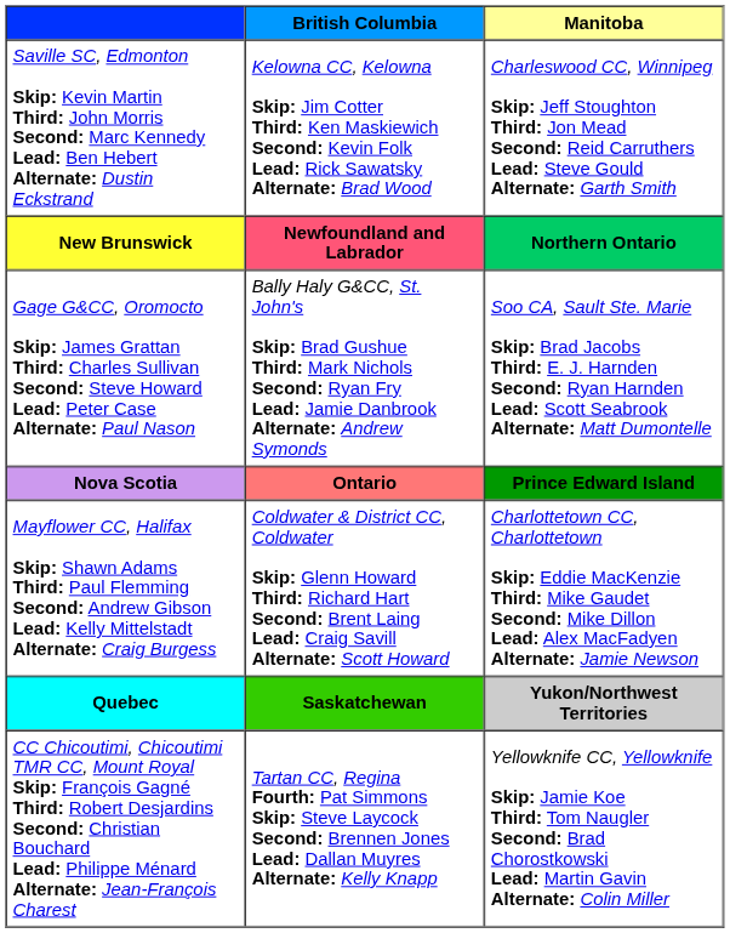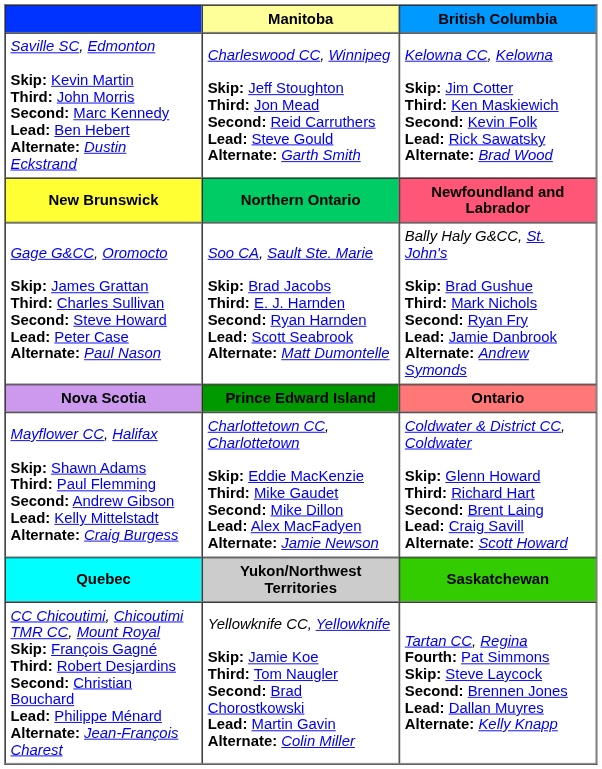 <table border=1 cellpadding=5 cellspacing=0>
 <tr>
 <th style="background:#03f; width:200px;"></th>
+<th style="background:#ff9; width:200px;">Manitoba</th>
 <th style="background:#09f; width:200px;">British Columbia</th>
-<th style="background:#ff9; width:200px;">Manitoba</th>
 </tr>
 <tr align=center>
 <td align=left><em><a href='#'>Saville SC</a>, <a href='#'>Edmonton</a> <br></em><br><strong>Skip:</strong> <a href='#'>Kevin Martin</a> <br> <strong>Third:</strong> <a href='#'>John Morris</a> <br> <strong>Second:</strong> <a href='#'>Marc Kennedy</a> <br> <strong>Lead:</strong> <a href='#'>Ben Hebert</a> <br> <strong>Alternate:</strong> <em><a href='#'>Dustin Eckstrand</a></em></td>
+<td align=left><em><a href='#'>Charleswood CC</a>, <a href='#'>Winnipeg</a></em> <br><br><strong>Skip:</strong> <a href='#'>Jeff Stoughton</a><br> <strong>Third:</strong> <a href='#'>Jon Mead</a><br> <strong>Second:</strong> <a href='#'>Reid Carruthers</a><br> <strong>Lead:</strong> <a href='#'>Steve Gould</a><br> <strong>Alternate:</strong> <em><a href='#'>Garth Smith</a></em></td>
 <td align=left><em><a href='#'>Kelowna CC</a>, <a href='#'>Kelowna</a></em><br><br><strong>Skip:</strong>  <a href='#'>Jim Cotter</a><br> <strong>Third:</strong> <a href='#'>Ken Maskiewich</a><br> <strong>Second:</strong> <a href='#'>Kevin Folk</a><br> <strong>Lead:</strong> <a href='#'>Rick Sawatsky</a><br> <strong>Alternate:</strong>  <em><a href='#'>Brad Wood</a></em></td>
-<td align=left><em><a href='#'>Charleswood CC</a>, <a href='#'>Winnipeg</a></em> <br><br><strong>Skip:</strong> <a href='#'>Jeff Stoughton</a><br> <strong>Third:</strong> <a href='#'>Jon Mead</a><br> <strong>Second:</strong> <a href='#'>Reid Carruthers</a><br> <strong>Lead:</strong> <a href='#'>Steve Gould</a><br> <strong>Alternate:</strong> <em><a href='#'>Garth Smith</a></em></td>
 </tr>
 <tr border=1 cellpadding=5 cellspacing=0>
 <th style="background:#ff3; width:200px;">New Brunswick</th>
+<th style="background:#0c6; width:200px;">Northern Ontario</th>
 <th style="background:#f57; width:200px;">Newfoundland and Labrador</th>
-<th style="background:#0c6; width:200px;">Northern Ontario</th>
 </tr>
 <tr align=center>
 <td align=left><em><a href='#'>Gage G&CC</a>, <a href='#'>Oromocto</a></em> <br><br><strong>Skip:</strong> <a href='#'>James Grattan</a> <br> <strong>Third:</strong> <a href='#'>Charles Sullivan</a> <br> <strong>Second:</strong>  <a href='#'>Steve Howard</a> <br>  <strong>Lead:</strong> <a href='#'>Peter Case</a> <br> <strong>Alternate:</strong> <em><a href='#'>Paul Nason</a></em></td>
+<td align=left><em><a href='#'>Soo CA</a>, <a href='#'>Sault Ste. Marie</a><br></em><br><strong>Skip:</strong> <a href='#'>Brad Jacobs</a><br> <strong>Third:</strong> <a href='#'>E. J. Harnden</a><br> <strong>Second:</strong> <a href='#'>Ryan Harnden</a><br> <strong>Lead:</strong> <a href='#'>Scott Seabrook</a><br> <strong>Alternate:</strong>  <em><a href='#'>Matt Dumontelle</a></em></td>
 <td align=left><em>Bally Haly G&CC, <a href='#'>St. John's</a></em> <br><br><strong>Skip:</strong> <a href='#'>Brad Gushue</a> <br> <strong>Third:</strong> <a href='#'>Mark Nichols</a> <br> <strong>Second:</strong> <a href='#'>Ryan Fry</a> <br> <strong>Lead:</strong> <a href='#'>Jamie Danbrook</a> <br> <strong>Alternate:</strong> <em><a href='#'>Andrew Symonds</a></em></td>
-<td align=left><em><a href='#'>Soo CA</a>, <a href='#'>Sault Ste. Marie</a><br></em><br><strong>Skip:</strong> <a href='#'>Brad Jacobs</a><br> <strong>Third:</strong> <a href='#'>E. J. Harnden</a><br> <strong>Second:</strong> <a href='#'>Ryan Harnden</a><br> <strong>Lead:</strong> <a href='#'>Scott Seabrook</a><br> <strong>Alternate:</strong>  <em><a href='#'>Matt Dumontelle</a></em></td>
 </tr>
 <tr border=1 cellpadding=5 cellspacing=0>
 <th style="background:#c9e; width:200px;">Nova Scotia</th>
+<th style="background:#090; width:200px;">Prince Edward Island</th>
 <th style="background:#f77; width:200px;">Ontario</th>
-<th style="background:#090; width:200px;">Prince Edward Island</th>
 </tr>
 <tr align=center>
 <td align=left><em><a href='#'>Mayflower CC</a>, <a href='#'>Halifax</a></em><br><br><strong>Skip:</strong>  <a href='#'>Shawn Adams</a><br> <strong>Third:</strong> <a href='#'>Paul Flemming</a><br> <strong>Second:</strong> <a href='#'>Andrew Gibson</a><br> <strong>Lead:</strong> <a href='#'>Kelly Mittelstadt</a><br> <strong>Alternate:</strong> <em><a href='#'>Craig Burgess</a></em></td>
+<td align=left><em><a href='#'>Charlottetown CC</a>, <a href='#'>Charlottetown</a></em><br><br><strong>Skip:</strong> <a href='#'>Eddie MacKenzie</a> <br> <strong>Third:</strong> <a href='#'>Mike Gaudet</a> <br> <strong>Second:</strong> <a href='#'>Mike Dillon</a> <br> <strong>Lead:</strong> <a href='#'>Alex MacFadyen</a> <br> <strong>Alternate:</strong> <em><a href='#'>Jamie Newson</a></em></td>
 <td align=left><em><a href='#'>Coldwater & District CC</a>, <a href='#'>Coldwater</a></em> <br><br><strong>Skip:</strong> <a href='#'>Glenn Howard</a> <br> <strong>Third:</strong> <a href='#'>Richard Hart</a> <br> <strong>Second:</strong> <a href='#'>Brent Laing</a> <br> <strong>Lead:</strong> <a href='#'>Craig Savill</a> <br> <strong>Alternate:</strong> <em><a href='#'>Scott Howard</a></em></td>
-<td align=left><em><a href='#'>Charlottetown CC</a>, <a href='#'>Charlottetown</a></em><br><br><strong>Skip:</strong> <a href='#'>Eddie MacKenzie</a> <br> <strong>Third:</strong> <a href='#'>Mike Gaudet</a> <br> <strong>Second:</strong> <a href='#'>Mike Dillon</a> <br> <strong>Lead:</strong> <a href='#'>Alex MacFadyen</a> <br> <strong>Alternate:</strong> <em><a href='#'>Jamie Newson</a></em></td>
 </tr>
 <tr border=1 cellpadding=5 cellspacing=0>
 <th style="background:#0ff; width:200px;">Quebec</th>
+<th style="background:#ccc; width:200px;">Yukon/Northwest Territories</th>
 <th style="background:#3c0; width:200px;">Saskatchewan</th>
-<th style="background:#ccc; width:200px;">Yukon/Northwest Territories</th>
 </tr>
 <tr align=center>
 <td align=left><em><a href='#'>CC Chicoutimi</a>, <a href='#'>Chicoutimi</a> <br> <a href='#'>TMR CC</a>, <a href='#'>Mount Royal</a> </em><br><strong>Skip:</strong> <a href='#'>François Gagné</a> <br> <strong>Third:</strong> <a href='#'>Robert Desjardins</a> <br> <strong>Second:</strong> <a href='#'>Christian Bouchard</a> <br> <strong>Lead:</strong> <a href='#'>Philippe Ménard</a> <br> <strong>Alternate:</strong> <em><a href='#'>Jean-François Charest</a></em></td>
+<td align=left><em>Yellowknife CC, <a href='#'>Yellowknife</a></em><br><br><strong>Skip:</strong> <a href='#'>Jamie Koe</a><br> <strong>Third:</strong> <a href='#'>Tom Naugler</a><br> <strong>Second:</strong> <a href='#'>Brad Chorostkowski</a><br> <strong>Lead:</strong> <a href='#'>Martin Gavin</a><br> <strong>Alternate:</strong> <em><a href='#'>Colin Miller</a></em></td>
 <td align=left><em><a href='#'>Tartan CC</a>, <a href='#'>Regina</a></em><br><strong>Fourth:</strong> <a href='#'>Pat Simmons</a> <br> <strong>Skip:</strong> <a href='#'>Steve Laycock</a> <br> <strong>Second:</strong> <a href='#'>Brennen Jones</a> <br> <strong>Lead:</strong> <a href='#'>Dallan Muyres</a> <br> <strong>Alternate:</strong> <em><a href='#'>Kelly Knapp</a></em></td>
-<td align=left><em>Yellowknife CC, <a href='#'>Yellowknife</a></em><br><br><strong>Skip:</strong> <a href='#'>Jamie Koe</a><br> <strong>Third:</strong> <a href='#'>Tom Naugler</a><br> <strong>Second:</strong> <a href='#'>Brad Chorostkowski</a><br> <strong>Lead:</strong> <a href='#'>Martin Gavin</a><br> <strong>Alternate:</strong> <em><a href='#'>Colin Miller</a></em></td>
 </tr>
 </table>
